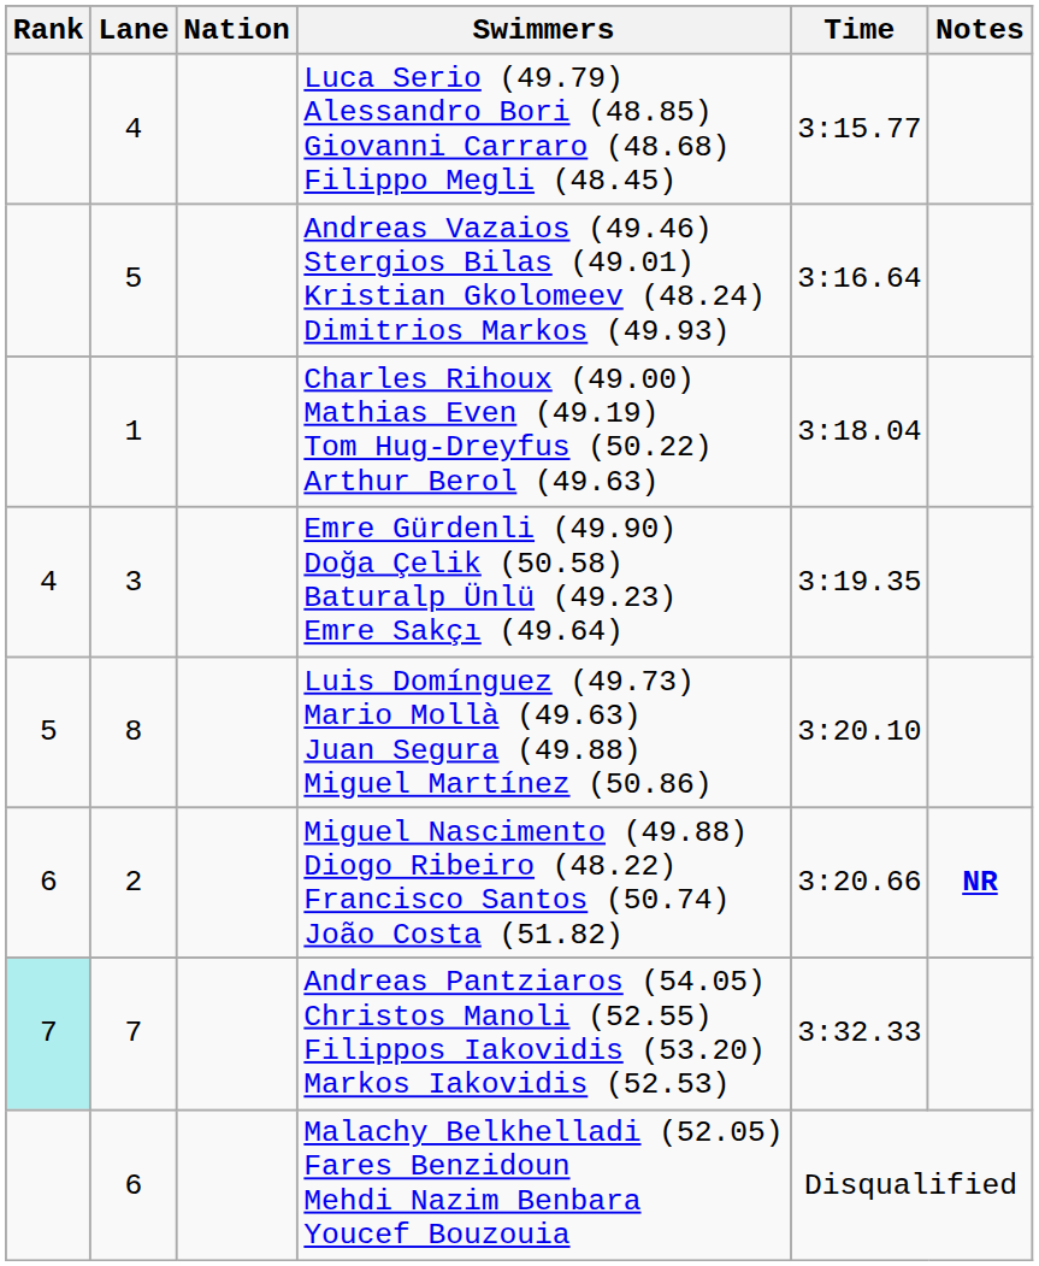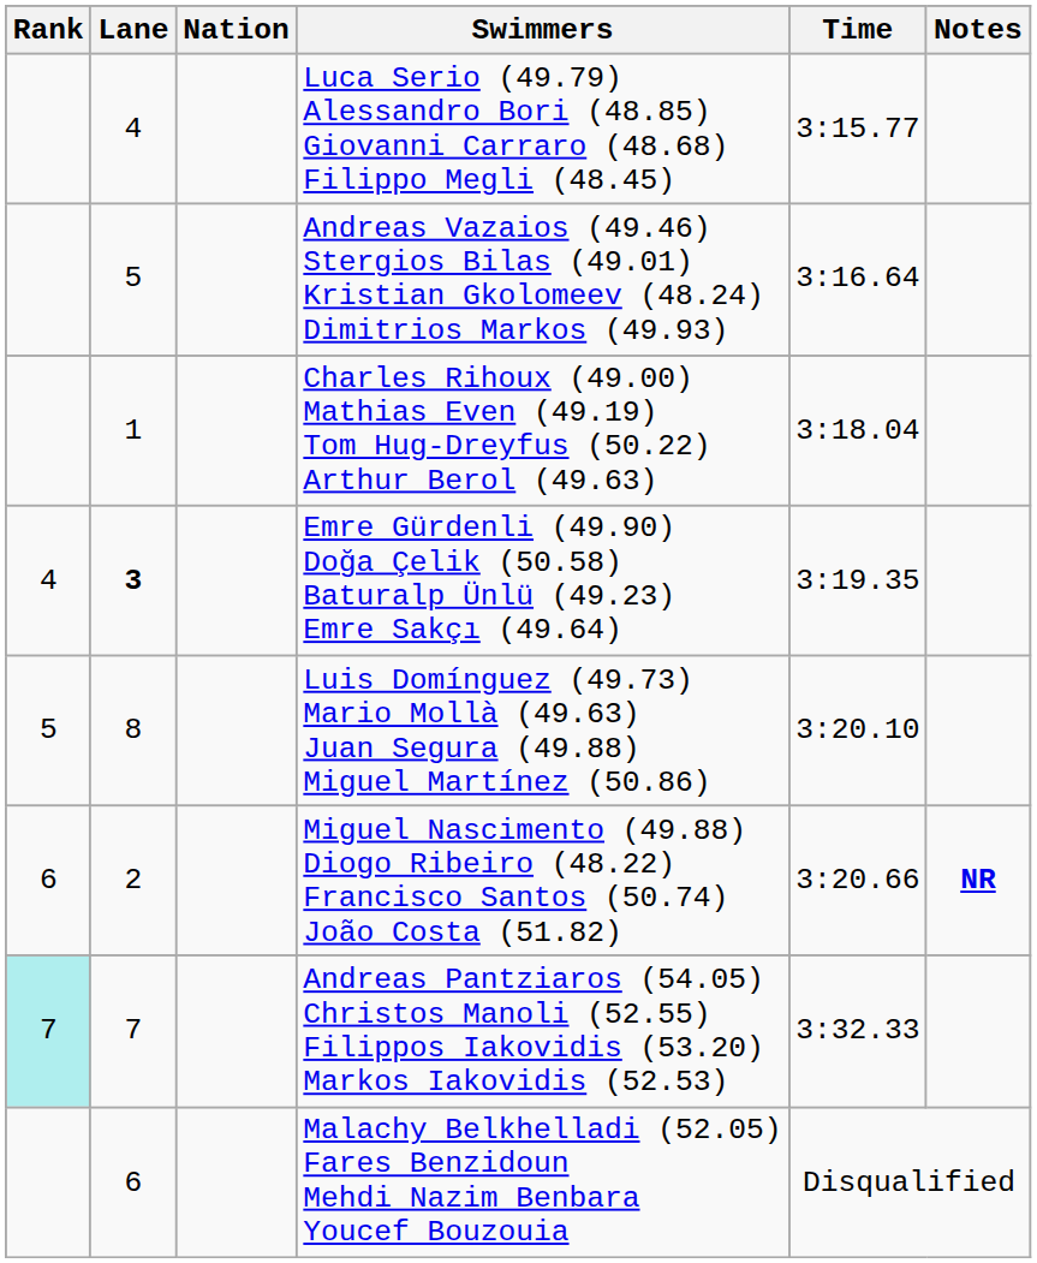 <table class="wikitable sortable" style="text-align:center">
 <tr>
 <th>Rank</th>
 <th>Lane</th>
 <th>Nation</th>
 <th>Swimmers</th>
 <th>Time</th>
 <th>Notes</th>
 </tr>
 <tr>
 <td></td>
 <td>4</td>
 <td align=left></td>
 <td align=left><a href='#'>Luca Serio</a> (49.79)<br><a href='#'>Alessandro Bori</a> (48.85)<br><a href='#'>Giovanni Carraro</a> (48.68)<br><a href='#'>Filippo Megli</a> (48.45)</td>
 <td>3:15.77</td>
 <td></td>
 </tr>
 <tr>
 <td></td>
 <td>5</td>
 <td align=left></td>
 <td align=left><a href='#'>Andreas Vazaios</a> (49.46)<br><a href='#'>Stergios Bilas</a> (49.01)<br><a href='#'>Kristian Gkolomeev</a> (48.24)<br><a href='#'>Dimitrios Markos</a> (49.93)</td>
 <td>3:16.64</td>
 <td></td>
 </tr>
 <tr>
 <td></td>
 <td>1</td>
 <td align=left></td>
 <td align=left><a href='#'>Charles Rihoux</a> (49.00)<br><a href='#'>Mathias Even</a> (49.19)<br><a href='#'>Tom Hug-Dreyfus</a> (50.22)<br><a href='#'>Arthur Berol</a> (49.63)</td>
 <td>3:18.04</td>
 <td></td>
 </tr>
 <tr>
 <td>4</td>
-<td>3</td>
+<td><strong>3</strong></td>
 <td align=left></td>
 <td align=left><a href='#'>Emre Gürdenli</a> (49.90)<br><a href='#'>Doğa Çelik</a> (50.58)<br><a href='#'>Baturalp Ünlü</a> (49.23)<br><a href='#'>Emre Sakçı</a> (49.64)</td>
 <td>3:19.35</td>
 <td></td>
 </tr>
 <tr>
 <td>5</td>
 <td>8</td>
 <td align=left></td>
 <td align=left><a href='#'>Luis Domínguez</a> (49.73)<br><a href='#'>Mario Mollà</a> (49.63)<br><a href='#'>Juan Segura</a> (49.88)<br><a href='#'>Miguel Martínez</a> (50.86)</td>
 <td>3:20.10</td>
 <td></td>
 </tr>
 <tr>
 <td>6</td>
 <td>2</td>
 <td align=left></td>
 <td align=left><a href='#'>Miguel Nascimento</a> (49.88)<br><a href='#'>Diogo Ribeiro</a> (48.22)<br><a href='#'>Francisco Santos</a> (50.74)<br><a href='#'>João Costa</a> (51.82)</td>
 <td>3:20.66</td>
 <td><strong><a href='#'>NR</a></strong></td>
 </tr>
 <tr>
 <td style="background: paleturquoise;">7</td>
 <td>7</td>
 <td align=left></td>
 <td align=left><a href='#'>Andreas Pantziaros</a> (54.05)<br><a href='#'>Christos Manoli</a> (52.55)<br><a href='#'>Filippos Iakovidis</a> (53.20)<br><a href='#'>Markos Iakovidis</a> (52.53)</td>
 <td>3:32.33</td>
 <td></td>
 </tr>
 <tr>
 <td></td>
 <td>6</td>
 <td align=left></td>
 <td align=left><a href='#'>Malachy Belkhelladi</a> (52.05)<br><a href='#'>Fares Benzidoun</a><br><a href='#'>Mehdi Nazim Benbara</a><br><a href='#'>Youcef Bouzouia</a></td>
 <td colspan=2>Disqualified</td>
 </tr>
 </table>
